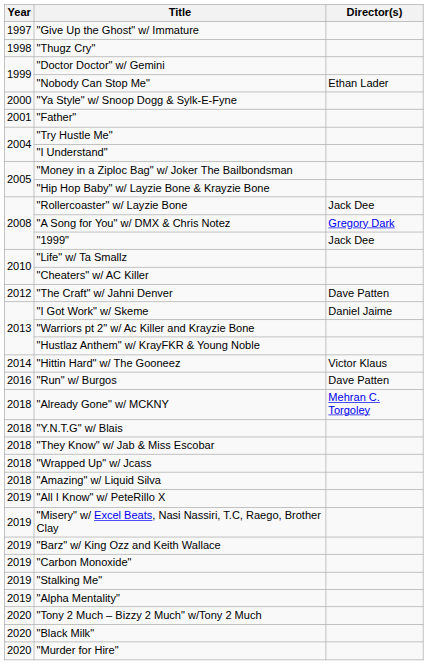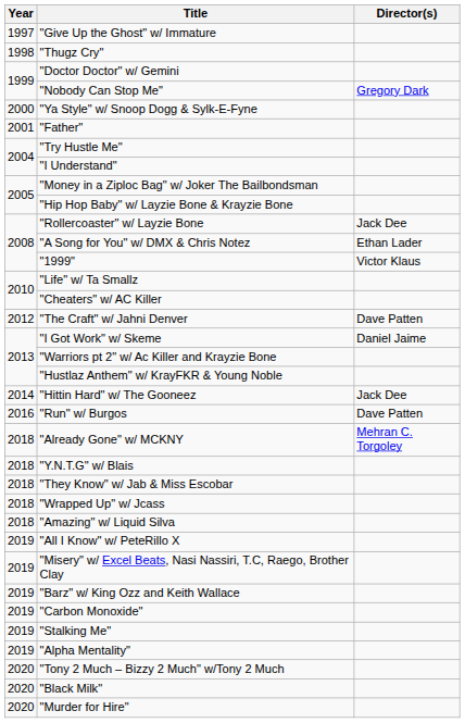 <table class="wikitable">
 <tr>
 <th>Year</th>
 <th>Title</th>
 <th>Director(s)</th>
 </tr>
 <tr>
 <td>1997</td>
 <td>"Give Up the Ghost" w/ Immature</td>
 <td></td>
 </tr>
 <tr>
 <td>1998</td>
 <td>"Thugz Cry"</td>
 <td></td>
 </tr>
 <tr>
 <td rowspan="2">1999</td>
 <td>"Doctor Doctor" w/ Gemini</td>
 <td></td>
 </tr>
 <tr>
 <td>"Nobody Can Stop Me"</td>
-<td>Ethan Lader</td>
+<td><a href='#'>Gregory Dark</a></td>
 </tr>
 <tr>
 <td>2000</td>
 <td>"Ya Style" w/ Snoop Dogg & Sylk-E-Fyne</td>
 <td></td>
 </tr>
 <tr>
 <td>2001</td>
 <td>"Father"</td>
 <td></td>
 </tr>
 <tr>
 <td rowspan="2">2004</td>
 <td>"Try Hustle Me"</td>
 <td></td>
 </tr>
 <tr>
 <td>"I Understand"</td>
 <td></td>
 </tr>
 <tr>
 <td rowspan="2">2005</td>
 <td>"Money in a Ziploc Bag" w/ Joker The Bailbondsman</td>
 <td></td>
 </tr>
 <tr>
 <td>"Hip Hop Baby" w/ Layzie Bone & Krayzie Bone</td>
 <td></td>
 </tr>
 <tr>
 <td rowspan="3">2008</td>
 <td>"Rollercoaster" w/ Layzie Bone</td>
 <td>Jack Dee</td>
 </tr>
 <tr>
 <td>"A Song for You" w/ DMX & Chris Notez</td>
-<td><a href='#'>Gregory Dark</a></td>
+<td>Ethan Lader</td>
 </tr>
 <tr>
 <td>"1999"</td>
-<td>Jack Dee</td>
+<td>Victor Klaus</td>
 </tr>
 <tr>
 <td rowspan="2">2010</td>
 <td>"Life" w/ Ta Smallz</td>
 <td></td>
 </tr>
 <tr>
 <td>"Cheaters" w/ AC Killer</td>
 <td></td>
 </tr>
 <tr>
 <td>2012</td>
 <td>"The Craft" w/ Jahni Denver</td>
 <td>Dave Patten</td>
 </tr>
 <tr>
 <td rowspan="3">2013</td>
 <td>"I Got Work" w/ Skeme</td>
 <td>Daniel Jaime</td>
 </tr>
 <tr>
 <td>"Warriors pt 2" w/ Ac Killer and Krayzie Bone</td>
 <td></td>
 </tr>
 <tr>
 <td>"Hustlaz Anthem" w/ KrayFKR & Young Noble</td>
 <td></td>
 </tr>
 <tr>
 <td>2014</td>
 <td>"Hittin Hard" w/ The Gooneez</td>
-<td>Victor Klaus</td>
+<td>Jack Dee</td>
 </tr>
 <tr>
 <td>2016</td>
 <td>"Run" w/ Burgos</td>
 <td>Dave Patten</td>
 </tr>
 <tr>
 <td>2018</td>
 <td>"Already Gone" w/ MCKNY</td>
 <td><a href='#'>Mehran C. Torgoley</a></td>
 </tr>
 <tr>
 <td>2018</td>
 <td>"Y.N.T.G" w/ Blais</td>
 <td></td>
 </tr>
 <tr>
 <td>2018</td>
 <td>"They Know" w/ Jab & Miss Escobar</td>
 <td></td>
 </tr>
 <tr>
 <td>2018</td>
 <td>"Wrapped Up" w/ Jcass</td>
 <td></td>
 </tr>
 <tr>
 <td>2018</td>
 <td>"Amazing" w/  Liquid Silva</td>
 <td></td>
 </tr>
 <tr>
 <td>2019</td>
 <td>"All I Know" w/ PeteRillo X</td>
 <td></td>
 </tr>
 <tr>
 <td>2019</td>
 <td>"Misery" w/ <a href='#'>Excel Beats</a>, Nasi Nassiri, T.C, Raego, Brother Clay</td>
 <td></td>
 </tr>
 <tr>
 <td>2019</td>
 <td>"Barz" w/ King Ozz and Keith Wallace</td>
 <td></td>
 </tr>
 <tr>
 <td>2019</td>
 <td>"Carbon Monoxide"</td>
 <td></td>
 </tr>
 <tr>
 <td>2019</td>
 <td>"Stalking Me"</td>
 <td></td>
 </tr>
 <tr>
 <td>2019</td>
 <td>"Alpha Mentality"</td>
 <td></td>
 </tr>
 <tr>
 <td>2020</td>
 <td>"Tony 2 Much – Bizzy 2 Much" w/Tony 2 Much</td>
 <td></td>
 </tr>
 <tr>
 <td>2020</td>
 <td>"Black Milk"</td>
 <td></td>
 </tr>
 <tr>
 <td>2020</td>
 <td>"Murder for Hire"</td>
 <td></td>
 </tr>
 </table>
